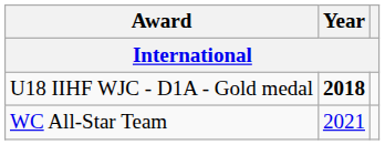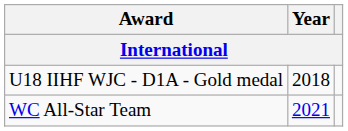 <table class="wikitable">
 <tr>
 <th>Award</th>
 <th>Year</th>
 <th></th>
 </tr>
 <tr>
 <th colspan="3"><a href='#'>International</a></th>
 </tr>
 <tr>
 <td>U18 IIHF WJC - D1A - Gold medal</td>
-<td><strong>2018</strong></td>
+<td>2018</td>
 <td></td>
 </tr>
 <tr>
 <td><a href='#'>WC</a> All-Star Team</td>
 <td><a href='#'>2021</a></td>
 <td></td>
 </tr>
 </table>
